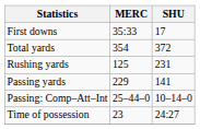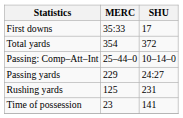 <table class="wikitable" style="float: left;">
 <tr>
 <th>Statistics</th>
 <th>MERC</th>
 <th>SHU</th>
 </tr>
 <tr>
 <td>First downs</td>
 <td>35:33</td>
 <td>17</td>
 </tr>
 <tr>
 <td>Total yards</td>
 <td>354</td>
 <td>372</td>
 </tr>
 <tr>
+<td>Passing: Comp–Att–Int</td>
+<td>25–44–0</td>
+<td>10–14–0</td>
+</tr>
+<tr>
+<td>Passing yards</td>
+<td>229</td>
+<td>24:27</td>
+</tr>
+<tr>
 <td>Rushing yards</td>
 <td>125</td>
 <td>231</td>
 </tr>
 <tr>
-<td>Passing yards</td>
-<td>229</td>
-<td>141</td>
-</tr>
-<tr>
-<td>Passing: Comp–Att–Int</td>
-<td>25–44–0</td>
-<td>10–14–0</td>
-</tr>
-<tr>
 <td>Time of possession</td>
 <td>23</td>
-<td>24:27</td>
+<td>141</td>
 </tr>
 <tr>
 </tr>
 </table>
